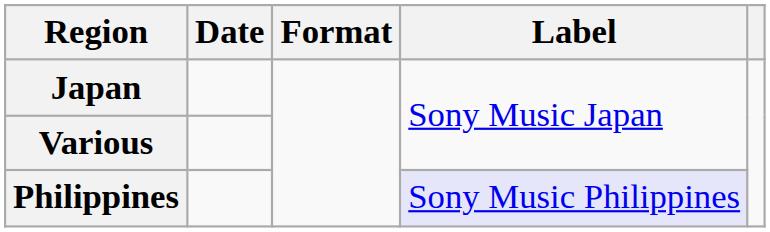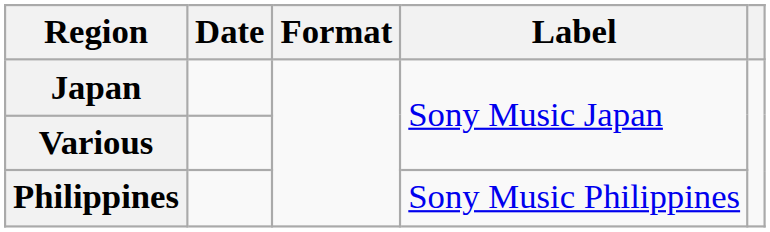 <table class="wikitable plainrowheaders">
 <tr>
 <th scope="col">Region</th>
 <th>Date</th>
 <th>Format</th>
 <th>Label</th>
 <th></th>
 </tr>
 <tr>
 <th scope="row">Japan</th>
 <td></td>
 <td rowspan="3"></td>
 <td rowspan="2"><a href='#'>Sony Music Japan</a></td>
 <td rowspan="3" style="text-align:center"></td>
 </tr>
 <tr>
 <th scope="row">Various</th>
 <td></td>
 </tr>
 <tr>
 <th scope="row">Philippines</th>
 <td></td>
-<td style="background: lavender;"><a href='#'>Sony Music Philippines</a></td>
+<td><a href='#'>Sony Music Philippines</a></td>
 </tr>
 </table>
